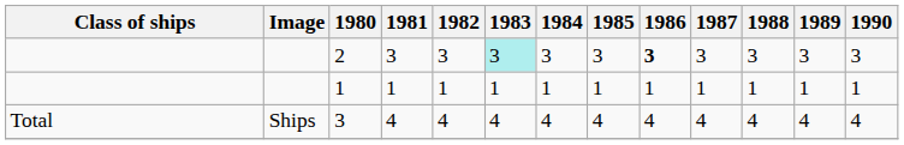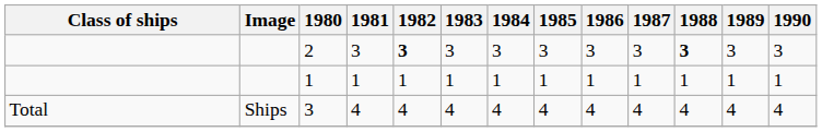 <table class="wikitable sortable collapsible collapsed">
 <tr>
 <th style="width:29%;">Class of ships</th>
 <th>Image</th>
 <th>1980</th>
 <th>1981</th>
 <th>1982</th>
 <th>1983</th>
 <th>1984</th>
 <th>1985</th>
 <th>1986</th>
 <th>1987</th>
 <th>1988</th>
 <th>1989</th>
 <th>1990</th>
 </tr>
 <tr valign="top">
 <td></td>
 <td></td>
 <td>2</td>
 <td>3</td>
+<td><strong>3</strong></td>
 <td>3</td>
-<td style="background: paleturquoise;">3</td>
+<td>3</td>
+<td>3</td>
 <td>3</td>
 <td>3</td>
 <td><strong>3</strong></td>
-<td>3</td>
-<td>3</td>
 <td>3</td>
 <td>3</td>
 </tr>
 <tr valign="top">
 <td></td>
 <td></td>
 <td>1</td>
 <td>1</td>
 <td>1</td>
 <td>1</td>
 <td>1</td>
 <td>1</td>
 <td>1</td>
 <td>1</td>
 <td>1</td>
 <td>1</td>
 <td>1</td>
 </tr>
 <tr valign="top">
 <td>Total</td>
 <td>Ships</td>
 <td>3</td>
 <td>4</td>
 <td>4</td>
 <td>4</td>
 <td>4</td>
 <td>4</td>
 <td>4</td>
 <td>4</td>
 <td>4</td>
 <td>4</td>
 <td>4</td>
 </tr>
 <tr>
 </tr>
 </table>
